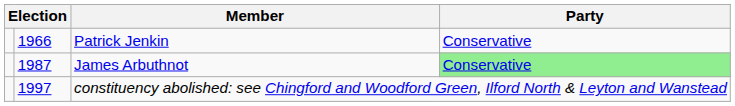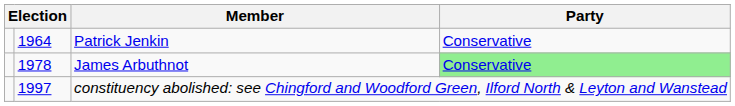 <table class="wikitable">
 <tr>
 <th colspan="2">Election</th>
 <th>Member</th>
 <th>Party</th>
 </tr>
 <tr>
 <td style="color:inherit;background-color: "></td>
-<td><a href='#'>1966</a></td>
+<td><a href='#'>1964</a></td>
 <td><a href='#'>Patrick Jenkin</a></td>
 <td><a href='#'>Conservative</a></td>
 </tr>
 <tr>
 <td style="color:inherit;background-color: "></td>
-<td><a href='#'>1987</a></td>
+<td><a href='#'>1978</a></td>
 <td><a href='#'>James Arbuthnot</a></td>
 <td style="background: lightgreen;"><a href='#'>Conservative</a></td>
 </tr>
 <tr>
 <td></td>
 <td><a href='#'>1997</a></td>
 <td colspan="2"><em>constituency abolished: see <a href='#'>Chingford and Woodford Green</a>, <a href='#'>Ilford North</a> & <a href='#'>Leyton and Wanstead</a></em></td>
 </tr>
 </table>
